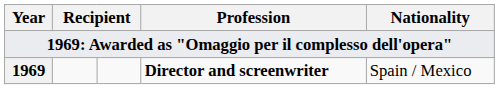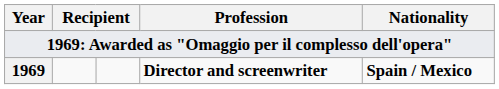 <table class="wikitable">
 <tr>
 <th>Year</th>
 <th colspan="2">Recipient</th>
 <th class=unsortable>Profession</th>
 <th>Nationality</th>
 </tr>
 <tr>
 <td colspan="5" data-sort-value="ω" style="background-color:#EAECF0; font-weight:bold; text-align:center; padding-left:40px; padding-right:40px">1969: Awarded as "Omaggio per il complesso dell'opera"</td>
 </tr>
 <tr>
 <th style="text-align:center;">1969 <br></th>
 <td></td>
 <td></td>
 <td><strong>Director and screenwriter</strong></td>
-<td>Spain / Mexico</td>
+<td><strong>Spain / Mexico</strong></td>
 </tr>
 </table>
